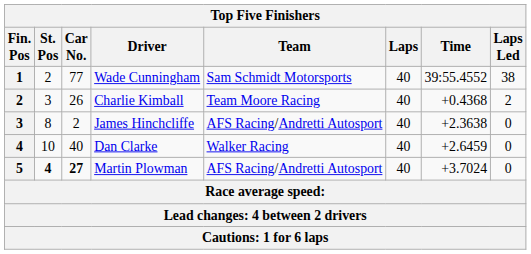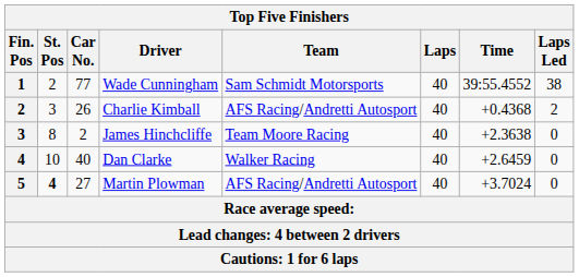 <table class="wikitable" style="font-size:95%;">
 <tr>
 <th colspan=9>Top Five Finishers</th>
 </tr>
 <tr>
 <th>Fin.<br>Pos</th>
 <th>St.<br>Pos</th>
 <th>Car<br>No.</th>
 <th>Driver</th>
 <th>Team</th>
 <th>Laps</th>
 <th>Time</th>
 <th>Laps<br>Led</th>
 </tr>
 <tr>
 <th>1</th>
 <td align=center>2</td>
 <td align=center>77</td>
 <td> <a href='#'>Wade Cunningham</a></td>
 <td><a href='#'>Sam Schmidt Motorsports</a></td>
 <td align=center>40</td>
 <td align=right>39:55.4552</td>
 <td align=center>38</td>
 </tr>
 <tr>
 <th>2</th>
 <td align=center>3</td>
 <td align=center>26</td>
 <td> <a href='#'>Charlie Kimball</a></td>
-<td><a href='#'>Team Moore Racing</a></td>
+<td><a href='#'>AFS Racing</a>/<a href='#'>Andretti Autosport</a></td>
 <td align=center>40</td>
 <td align=right>+0.4368</td>
 <td align=center>2</td>
 </tr>
 <tr>
 <th>3</th>
 <td align=center>8</td>
 <td align=center>2</td>
 <td> <a href='#'>James Hinchcliffe</a></td>
-<td><a href='#'>AFS Racing</a>/<a href='#'>Andretti Autosport</a></td>
+<td><a href='#'>Team Moore Racing</a></td>
 <td align=center>40</td>
 <td align=right>+2.3638</td>
 <td align=center>0</td>
 </tr>
 <tr>
 <th>4</th>
 <td align=center>10</td>
 <td align=center>40</td>
 <td> <a href='#'>Dan Clarke</a></td>
 <td><a href='#'>Walker Racing</a></td>
 <td align=center>40</td>
 <td align=right>+2.6459</td>
 <td align=center>0</td>
 </tr>
 <tr>
 <th>5</th>
 <td align=center><strong>4</strong></td>
-<td align=center><strong>27</strong></td>
+<td align=center>27</td>
 <td> <a href='#'>Martin Plowman</a></td>
 <td><a href='#'>AFS Racing</a>/<a href='#'>Andretti Autosport</a></td>
 <td align=center>40</td>
 <td align=right>+3.7024</td>
 <td align=center>0</td>
 </tr>
 <tr>
 <th colspan=9>Race average speed: </th>
 </tr>
 <tr>
 <th colspan=9>Lead changes: 4 between 2 drivers</th>
 </tr>
 <tr>
 <th colspan=9>Cautions: 1 for 6 laps</th>
 </tr>
 </table>
